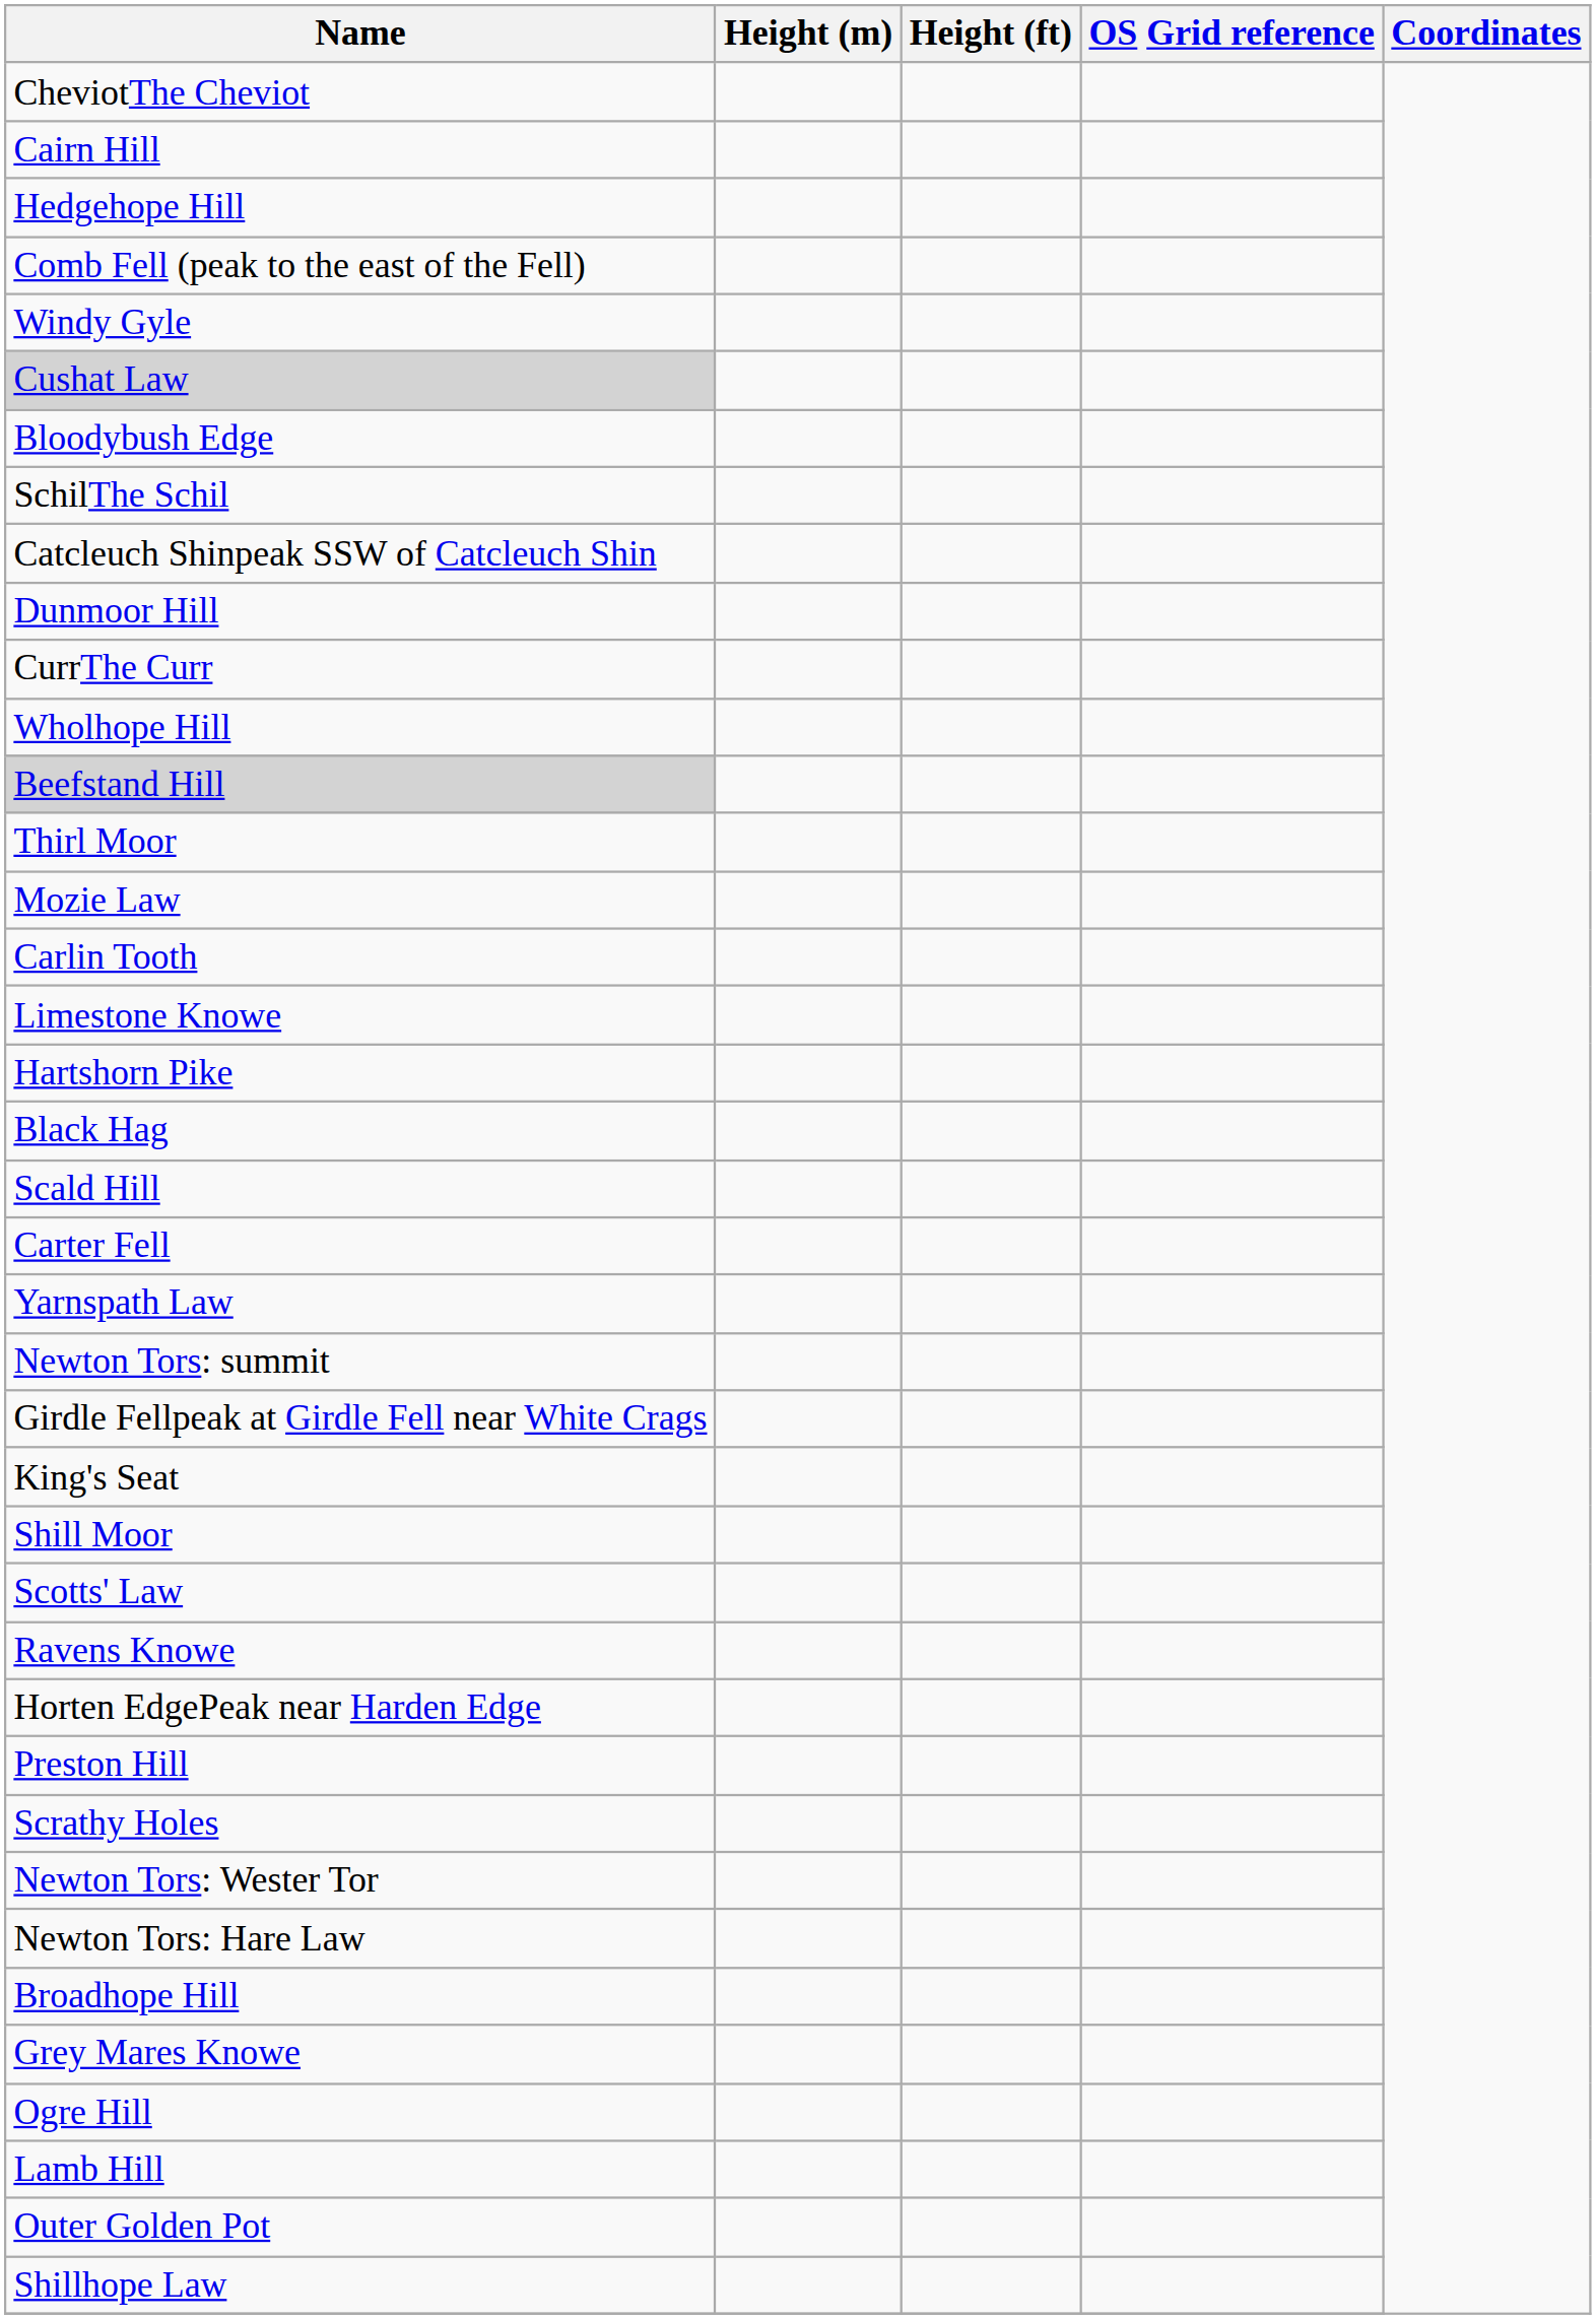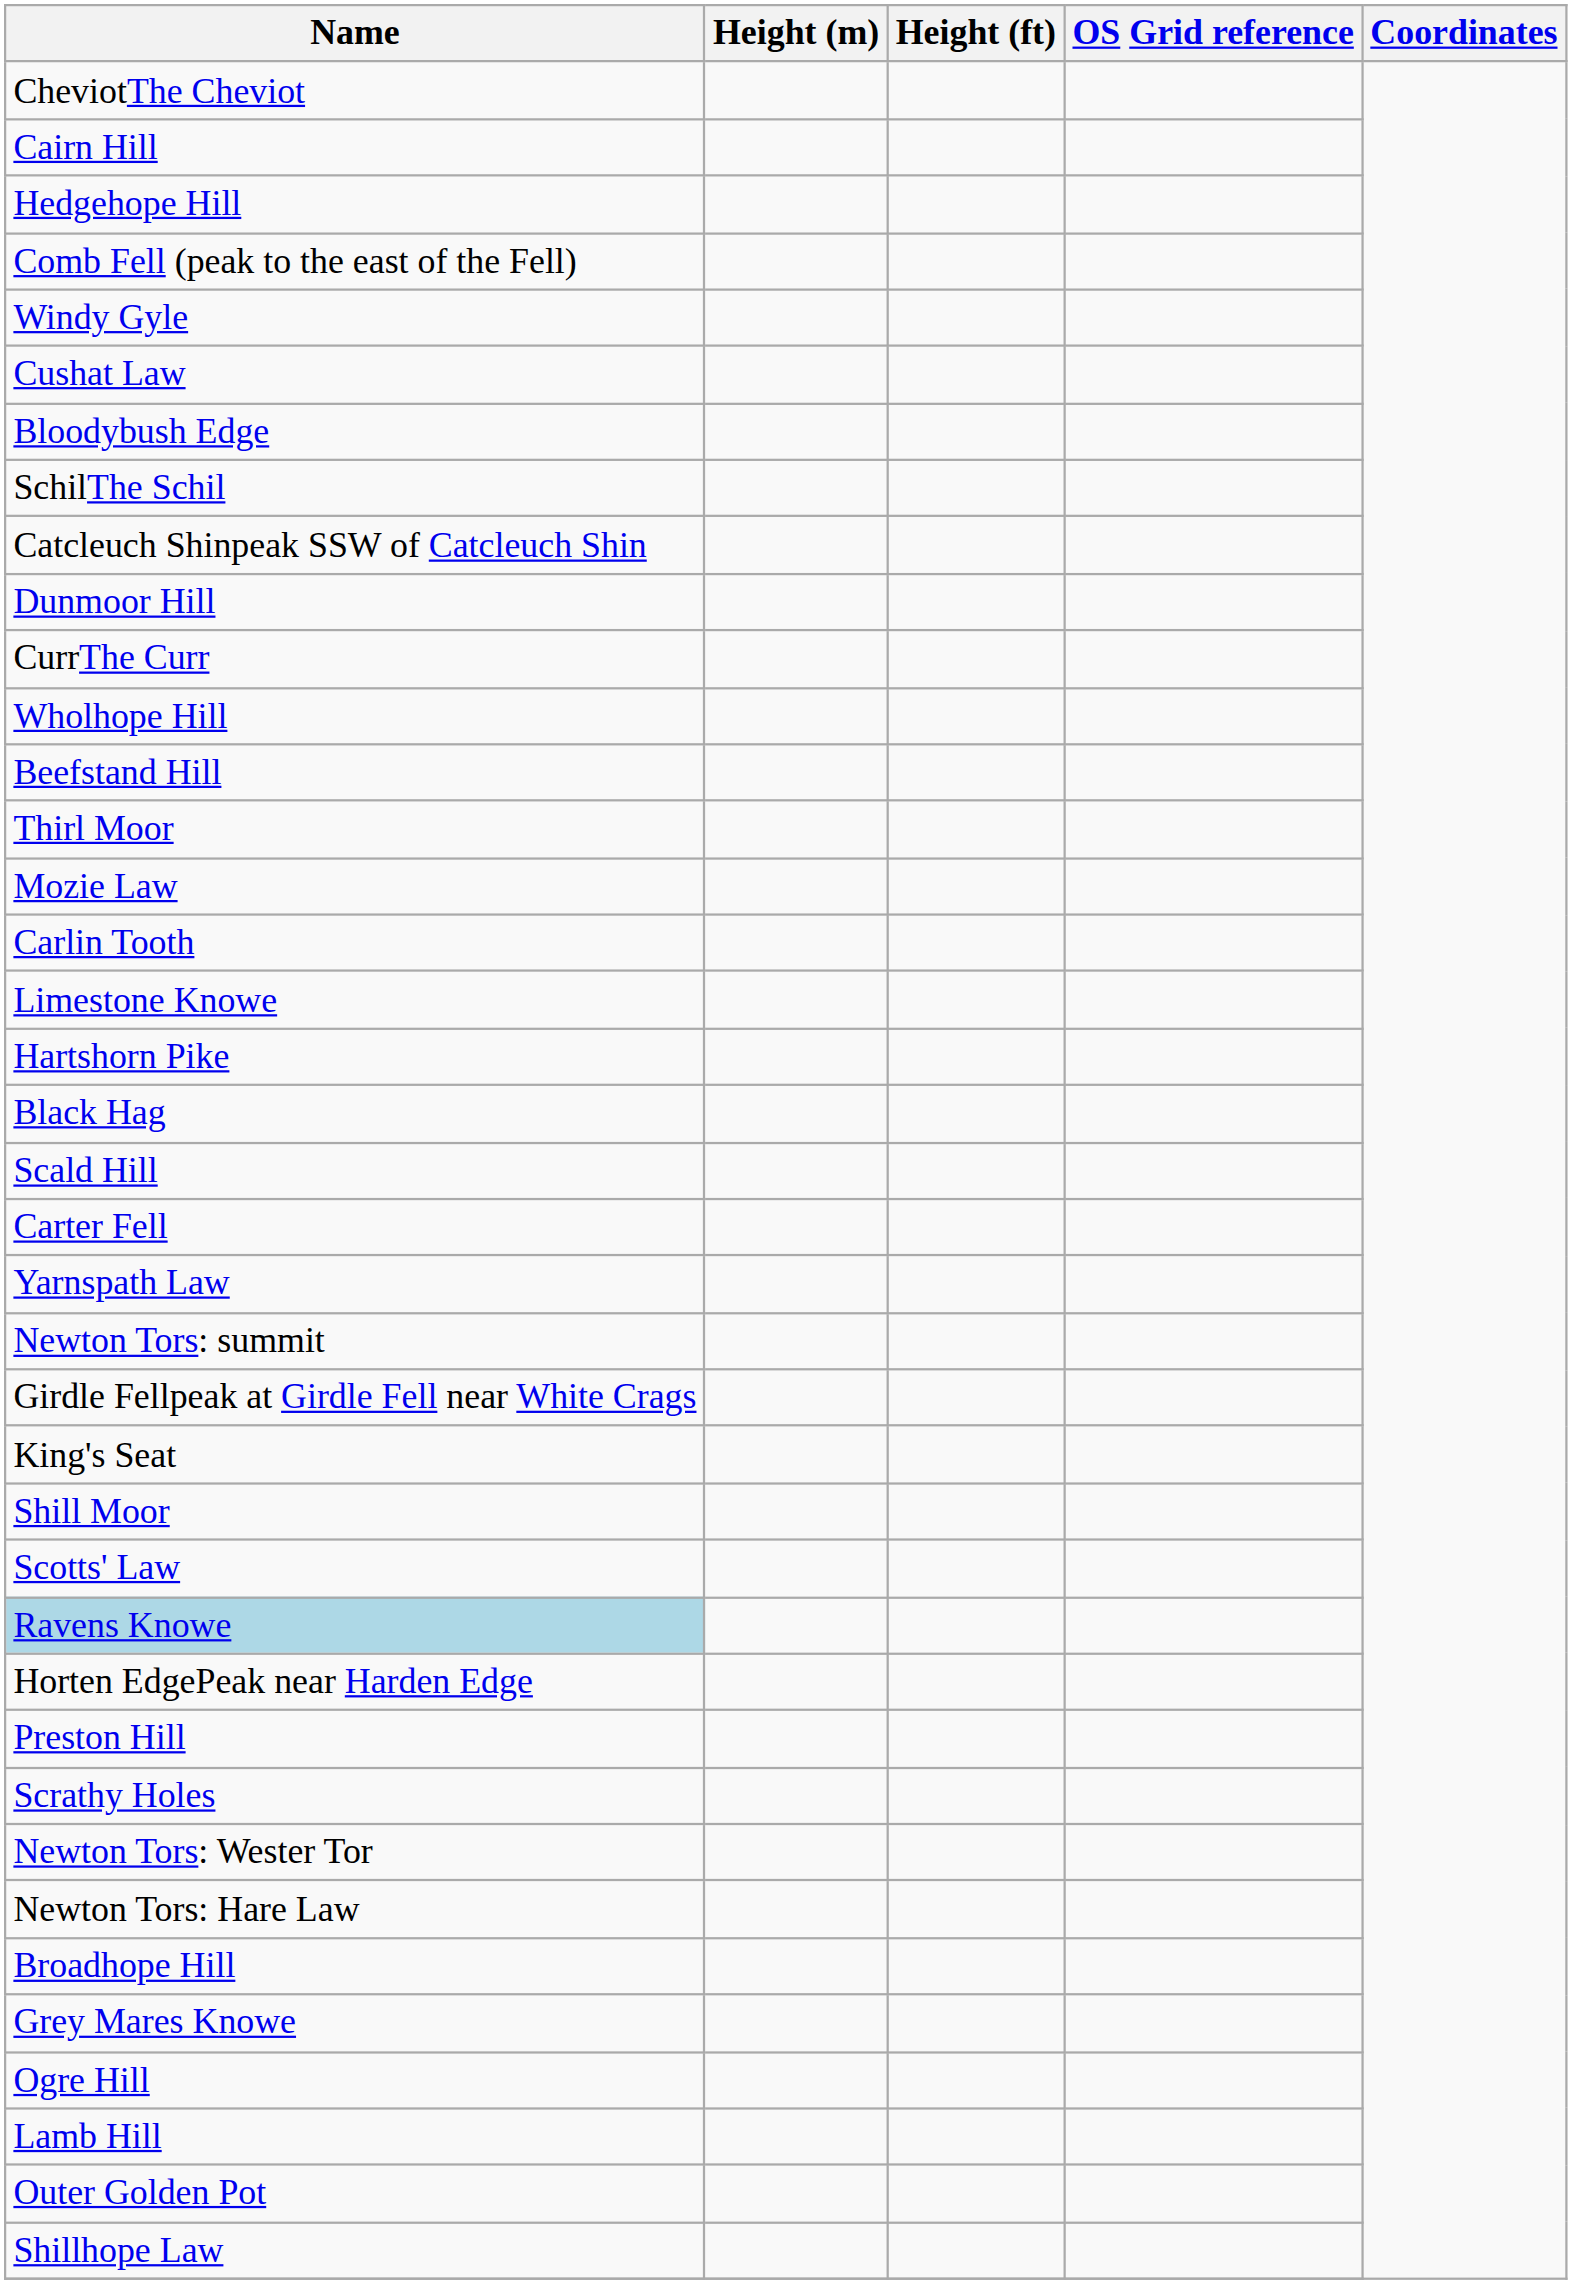 <table class="wikitable sortable">
 <tr>
 <th>Name</th>
 <th>Height (m)</th>
 <th>Height (ft)</th>
 <th><a href='#'>OS</a> <a href='#'>Grid reference</a></th>
 <th><a href='#'>Coordinates</a></th>
 </tr>
 <tr>
 <td><span>Cheviot</span><a href='#'>The Cheviot</a></td>
 <td></td>
 <td></td>
 <td></td>
 </tr>
 <tr>
 <td><a href='#'>Cairn Hill</a></td>
 <td></td>
 <td></td>
 <td></td>
 </tr>
 <tr>
 <td><a href='#'>Hedgehope Hill</a></td>
 <td></td>
 <td></td>
 <td></td>
 </tr>
 <tr>
 <td><a href='#'>Comb Fell</a> (peak to the east of the Fell)</td>
 <td></td>
 <td></td>
 <td></td>
 </tr>
 <tr>
 <td><a href='#'>Windy Gyle</a></td>
 <td></td>
 <td></td>
 <td></td>
 </tr>
 <tr>
-<td style="background: lightgrey;"><a href='#'>Cushat Law</a></td>
+<td><a href='#'>Cushat Law</a></td>
 <td></td>
 <td></td>
 <td></td>
 </tr>
 <tr>
 <td><a href='#'>Bloodybush Edge</a></td>
 <td></td>
 <td></td>
 <td></td>
 </tr>
 <tr>
 <td><span>Schil</span><a href='#'>The Schil</a></td>
 <td></td>
 <td></td>
 <td></td>
 </tr>
 <tr>
 <td><span>Catcleuch Shin</span>peak SSW of <a href='#'>Catcleuch Shin</a></td>
 <td></td>
 <td></td>
 <td></td>
 </tr>
 <tr>
 <td><a href='#'>Dunmoor Hill</a></td>
 <td></td>
 <td></td>
 <td></td>
 </tr>
 <tr>
 <td><span>Curr</span><a href='#'>The Curr</a></td>
 <td></td>
 <td></td>
 <td></td>
 </tr>
 <tr>
 <td><a href='#'>Wholhope Hill</a></td>
 <td></td>
 <td></td>
 <td></td>
 </tr>
 <tr>
-<td style="background: lightgrey;"><a href='#'>Beefstand Hill</a></td>
+<td><a href='#'>Beefstand Hill</a></td>
 <td></td>
 <td></td>
 <td></td>
 </tr>
 <tr>
 <td><a href='#'>Thirl Moor</a> </td>
 <td></td>
 <td></td>
 <td></td>
 </tr>
 <tr>
 <td><a href='#'>Mozie Law</a></td>
 <td></td>
 <td></td>
 <td></td>
 </tr>
 <tr>
 <td><a href='#'>Carlin Tooth</a></td>
 <td></td>
 <td></td>
 <td></td>
 </tr>
 <tr>
 <td><a href='#'>Limestone Knowe</a></td>
 <td></td>
 <td></td>
 <td></td>
 </tr>
 <tr>
 <td><a href='#'>Hartshorn Pike</a></td>
 <td></td>
 <td></td>
 <td></td>
 </tr>
 <tr>
 <td><a href='#'>Black Hag</a></td>
 <td></td>
 <td></td>
 <td></td>
 </tr>
 <tr>
 <td><a href='#'>Scald Hill</a></td>
 <td></td>
 <td></td>
 <td></td>
 </tr>
 <tr>
 <td><a href='#'>Carter Fell</a></td>
 <td></td>
 <td></td>
 <td></td>
 </tr>
 <tr>
 <td><a href='#'>Yarnspath Law</a></td>
 <td></td>
 <td></td>
 <td></td>
 </tr>
 <tr>
 <td><a href='#'>Newton Tors</a>: summit</td>
 <td></td>
 <td></td>
 <td></td>
 </tr>
 <tr>
 <td><span>Girdle Fell</span>peak at <a href='#'>Girdle Fell</a> near <a href='#'>White Crags</a></td>
 <td></td>
 <td></td>
 <td></td>
 </tr>
 <tr>
 <td>King's Seat</td>
 <td></td>
 <td></td>
 <td></td>
 </tr>
 <tr>
 <td><a href='#'>Shill Moor</a></td>
 <td></td>
 <td></td>
 <td></td>
 </tr>
 <tr>
 <td><a href='#'>Scotts' Law</a></td>
 <td></td>
 <td></td>
 <td></td>
 </tr>
 <tr>
-<td><a href='#'>Ravens Knowe</a></td>
+<td style="background: lightblue;"><a href='#'>Ravens Knowe</a></td>
 <td></td>
 <td></td>
 <td></td>
 </tr>
 <tr>
 <td><span>Horten Edge</span>Peak near <a href='#'>Harden Edge</a> </td>
 <td></td>
 <td></td>
 <td></td>
 </tr>
 <tr>
 <td><a href='#'>Preston Hill</a></td>
 <td></td>
 <td></td>
 <td></td>
 </tr>
 <tr>
 <td><a href='#'>Scrathy Holes</a></td>
 <td></td>
 <td></td>
 <td></td>
 </tr>
 <tr>
 <td><a href='#'>Newton Tors</a>: Wester Tor</td>
 <td></td>
 <td></td>
 <td></td>
 </tr>
 <tr>
 <td>Newton Tors: Hare Law</td>
 <td></td>
 <td></td>
 <td></td>
 </tr>
 <tr>
 <td><a href='#'>Broadhope Hill</a></td>
 <td></td>
 <td></td>
 <td></td>
 </tr>
 <tr>
 <td><a href='#'>Grey Mares Knowe</a></td>
 <td></td>
 <td></td>
 <td></td>
 </tr>
 <tr>
 <td><a href='#'>Ogre Hill</a></td>
 <td></td>
 <td></td>
 <td></td>
 </tr>
 <tr>
 <td><a href='#'>Lamb Hill</a></td>
 <td></td>
 <td></td>
 <td></td>
 </tr>
 <tr>
 <td><a href='#'>Outer Golden Pot</a> </td>
 <td></td>
 <td></td>
 <td></td>
 </tr>
 <tr>
 <td><a href='#'>Shillhope Law</a></td>
 <td></td>
 <td></td>
 <td></td>
 </tr>
 <tr>
 </tr>
 </table>
